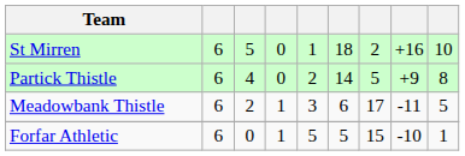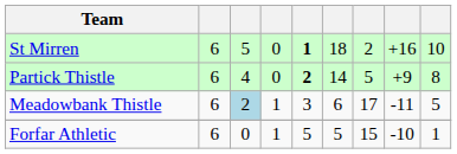 <table class="wikitable" style="text-align:center;">
 <tr>
 <th width=165>Team</th>
 <th width=20></th>
 <th width=20></th>
 <th width=20></th>
 <th width=20></th>
 <th width=20></th>
 <th width=20></th>
 <th width=20></th>
 <th width=20></th>
 </tr>
 <tr style="background:#cfc;">
 <td align="left"><a href='#'>St Mirren</a></td>
 <td>6</td>
 <td>5</td>
 <td>0</td>
-<td>1</td>
+<td><strong>1</strong></td>
 <td>18</td>
 <td>2</td>
 <td>+16</td>
 <td>10</td>
 </tr>
 <tr style="background:#cfc;">
 <td align="left"><a href='#'>Partick Thistle</a></td>
 <td>6</td>
 <td>4</td>
 <td>0</td>
-<td>2</td>
+<td><strong>2</strong></td>
 <td>14</td>
 <td>5</td>
 <td>+9</td>
 <td>8</td>
 </tr>
 <tr>
 <td align="left"><a href='#'>Meadowbank Thistle</a></td>
 <td>6</td>
-<td>2</td>
+<td style="background: lightblue;">2</td>
 <td>1</td>
 <td>3</td>
 <td>6</td>
 <td>17</td>
 <td>-11</td>
 <td>5</td>
 </tr>
 <tr>
 </tr>
 <tr>
 <td align="left"><a href='#'>Forfar Athletic</a></td>
 <td>6</td>
 <td>0</td>
 <td>1</td>
 <td>5</td>
 <td>5</td>
 <td>15</td>
 <td>-10</td>
 <td>1</td>
 </tr>
 </table>
